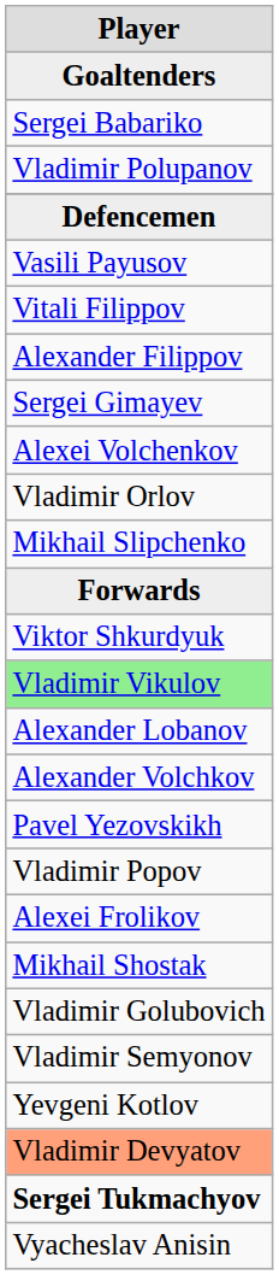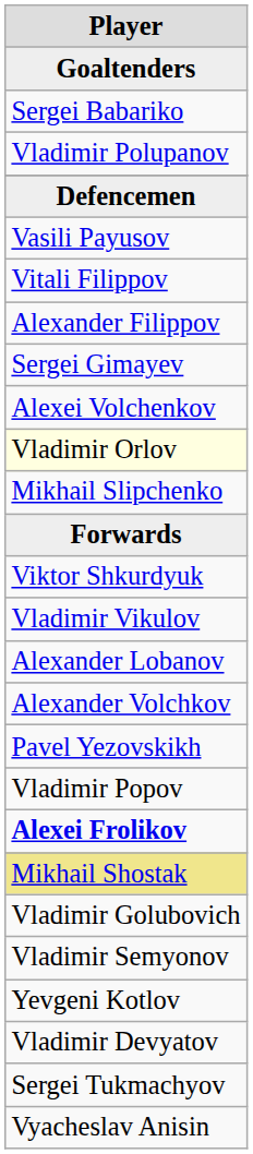 <table class="wikitable">
 <tr style="font-weight:bold; background-color:#dddddd;" align="center" |>
 <td>Player</td>
 </tr>
 <tr style="font-weight:bold; background-color:#eeeeee;" align="center" |>
 <td colspan="5"><strong>Goaltenders</strong></td>
 </tr>
 <tr>
 <td><a href='#'>Sergei Babariko</a></td>
 </tr>
 <tr>
 <td><a href='#'>Vladimir Polupanov</a></td>
 </tr>
 <tr>
 </tr>
 <tr style="font-weight:bold; background-color:#eeeeee;" align="center" |>
 <td colspan="5"><strong>Defencemen</strong></td>
 </tr>
 <tr>
 <td><a href='#'>Vasili Payusov</a></td>
 </tr>
 <tr>
 <td><a href='#'>Vitali Filippov</a></td>
 </tr>
 <tr>
 <td><a href='#'>Alexander Filippov</a></td>
 </tr>
 <tr>
 <td><a href='#'>Sergei Gimayev</a></td>
 </tr>
 <tr>
 <td><a href='#'>Alexei Volchenkov</a></td>
 </tr>
 <tr>
-<td>Vladimir Orlov</td>
+<td style="background: lightyellow;">Vladimir Orlov</td>
 </tr>
 <tr>
 <td><a href='#'>Mikhail Slipchenko</a></td>
 </tr>
 <tr style="font-weight:bold; background-color:#eeeeee;" align="center" |>
 <td colspan="5"><strong>Forwards</strong></td>
 </tr>
 <tr>
 <td><a href='#'>Viktor Shkurdyuk</a></td>
 </tr>
 <tr>
-<td style="background: lightgreen;"><a href='#'>Vladimir Vikulov</a></td>
+<td><a href='#'>Vladimir Vikulov</a></td>
 </tr>
 <tr>
 <td><a href='#'>Alexander Lobanov</a></td>
 </tr>
 <tr>
 <td><a href='#'>Alexander Volchkov</a></td>
 </tr>
 <tr>
 <td><a href='#'>Pavel Yezovskikh</a></td>
 </tr>
 <tr>
 <td>Vladimir Popov</td>
 </tr>
 <tr>
-<td><a href='#'>Alexei Frolikov</a></td>
+<td><strong><a href='#'>Alexei Frolikov</a></strong></td>
 </tr>
 <tr>
-<td><a href='#'>Mikhail Shostak</a></td>
+<td style="background: khaki;"><a href='#'>Mikhail Shostak</a></td>
 </tr>
 <tr>
 <td>Vladimir Golubovich</td>
 </tr>
 <tr>
 <td>Vladimir Semyonov</td>
 </tr>
 <tr>
 <td>Yevgeni Kotlov</td>
 </tr>
 <tr>
-<td style="background: lightsalmon;">Vladimir Devyatov</td>
+<td>Vladimir Devyatov</td>
 </tr>
 <tr>
-<td><strong>Sergei Tukmachyov</strong></td>
+<td>Sergei Tukmachyov</td>
 </tr>
 <tr>
 <td>Vyacheslav Anisin</td>
 </tr>
 </table>
